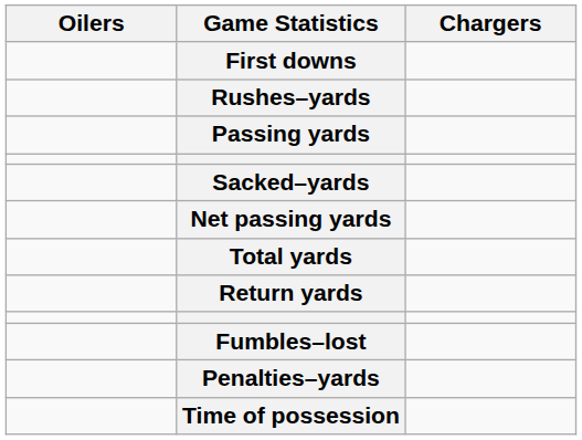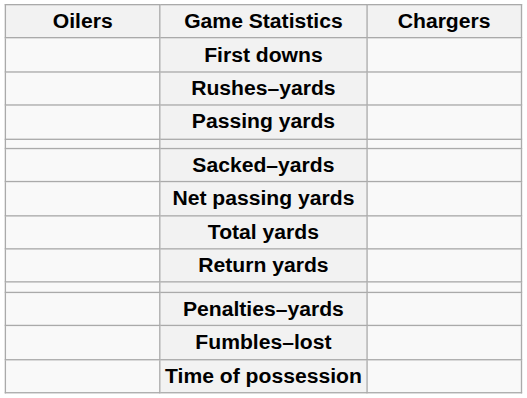 <table class="wikitable" style="margin: 1em auto 1em auto">
 <tr>
 <th style="width:30%;">Oilers</th>
 <th style="width:40%;">Game Statistics</th>
 <th style="width:30%;">Chargers</th>
 </tr>
 <tr>
 <td style="text-align:right;"></td>
 <th>First downs</th>
 <td></td>
 </tr>
 <tr>
 <td style="text-align:right;"></td>
 <th>Rushes–yards</th>
 <td></td>
 </tr>
 <tr>
 <td style="text-align:right;"></td>
 <th>Passing yards</th>
 <td></td>
 </tr>
 <tr>
 <td style="text-align:right;"></td>
 <th></th>
 <td></td>
 </tr>
 <tr>
 <td style="text-align:right;"></td>
 <th>Sacked–yards</th>
 <td></td>
 </tr>
 <tr>
 <td style="text-align:right;"></td>
 <th>Net passing yards</th>
 <td></td>
 </tr>
 <tr>
 <td style="text-align:right;"></td>
 <th>Total yards</th>
 <td></td>
 </tr>
 <tr>
 <td style="text-align:right;"></td>
 <th>Return yards</th>
 <td></td>
 </tr>
 <tr>
 <td style="text-align:right;"></td>
 <th></th>
 <td></td>
 </tr>
 <tr>
 <td style="text-align:right;"></td>
-<th>Fumbles–lost</th>
+<th>Penalties–yards</th>
 <td></td>
 </tr>
 <tr>
 <td style="text-align:right;"></td>
-<th>Penalties–yards</th>
+<th>Fumbles–lost</th>
 <td></td>
 </tr>
 <tr>
 <td style="text-align:right;"></td>
 <th>Time of possession</th>
 <td></td>
 </tr>
 </table>
